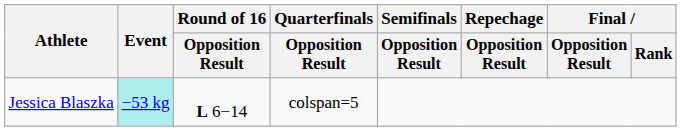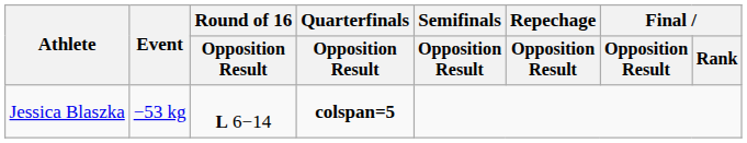 <table class="wikitable" style="text-align:center; font-size:90%">
 <tr>
 <th rowspan=2>Athlete</th>
 <th rowspan=2>Event</th>
 <th>Round of 16</th>
 <th>Quarterfinals</th>
 <th>Semifinals</th>
 <th>Repechage</th>
 <th colspan=2>Final / </th>
 </tr>
 <tr style="font-size: 95%">
 <th>Opposition<br>Result</th>
 <th>Opposition<br>Result</th>
 <th>Opposition<br>Result</th>
 <th>Opposition<br>Result</th>
 <th>Opposition<br>Result</th>
 <th>Rank</th>
 </tr>
 <tr>
 <td align=left><a href='#'>Jessica Blaszka</a></td>
-<td align=left style="background: paleturquoise;"><a href='#'>−53 kg</a></td>
+<td align=left><a href='#'>−53 kg</a></td>
 <td><br><strong>L</strong> 6−14</td>
-<td>colspan=5 </td>
+<td><strong>colspan=5 </strong></td>
 </tr>
 </table>
